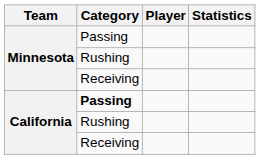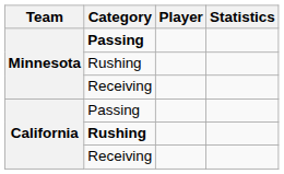 <table class="wikitable" style="float:right">
 <tr>
 <th>Team</th>
 <th>Category</th>
 <th>Player</th>
 <th>Statistics</th>
 </tr>
 <tr>
 <th rowspan=3>Minnesota</th>
-<td>Passing</td>
+<td><strong>Passing</strong></td>
 <td></td>
 <td></td>
 </tr>
 <tr>
 <td>Rushing</td>
 <td></td>
 <td></td>
 </tr>
 <tr>
 <td>Receiving</td>
 <td></td>
 <td></td>
 </tr>
 <tr>
 <th rowspan=3>California</th>
-<td><strong>Passing</strong></td>
+<td>Passing</td>
 <td></td>
 <td></td>
 </tr>
 <tr>
-<td>Rushing</td>
+<td><strong>Rushing</strong></td>
 <td></td>
 <td></td>
 </tr>
 <tr>
 <td>Receiving</td>
 <td></td>
 <td></td>
 </tr>
 </table>
